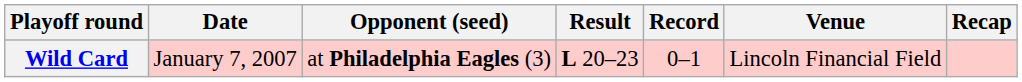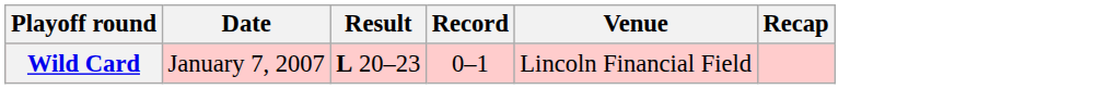 <table class="wikitable" style="text-align:center">
 <tr>
 <th>Playoff round</th>
 <th>Date</th>
-<th>Opponent (seed)</th>
 <th>Result</th>
 <th>Record</th>
 <th>Venue</th>
 <th>Recap</th>
 </tr>
 <tr style="background:#fcc;">
 <th><a href='#'>Wild Card</a></th>
 <td>January 7, 2007</td>
-<td>at <strong>Philadelphia Eagles</strong> (3)</td>
 <td><strong>L</strong> 20–23</td>
 <td>0–1</td>
 <td>Lincoln Financial Field</td>
 <td></td>
 </tr>
 </table>
